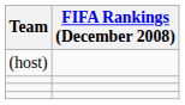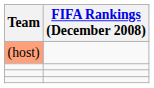 <table class="wikitable sortable" style="text-align: left;">
 <tr>
 <th>Team</th>
 <th><a href='#'>FIFA Rankings</a><br>(December 2008)</th>
 </tr>
 <tr>
-<td> (host)</td>
+<td style="background: lightsalmon;"> (host)</td>
 <td></td>
 </tr>
 <tr>
 <td></td>
 <td></td>
 </tr>
 <tr>
 <td></td>
 <td></td>
 </tr>
 <tr>
 <td></td>
 <td></td>
 </tr>
 </table>
